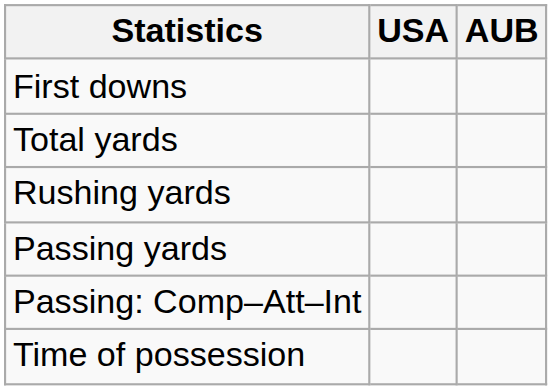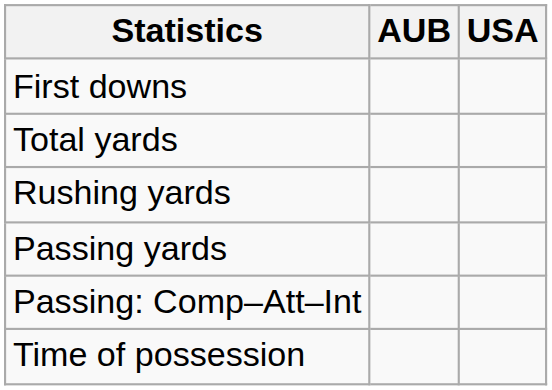 <table class="wikitable" style="float: left;">
 <tr>
 <th>Statistics</th>
+<th>AUB</th>
 <th>USA</th>
-<th>AUB</th>
 </tr>
 <tr>
 <td>First downs</td>
 <td></td>
 <td></td>
 </tr>
 <tr>
 <td>Total yards</td>
 <td></td>
 <td></td>
 </tr>
 <tr>
 <td>Rushing yards</td>
 <td></td>
 <td></td>
 </tr>
 <tr>
 <td>Passing yards</td>
 <td></td>
 <td></td>
 </tr>
 <tr>
 <td>Passing: Comp–Att–Int</td>
 <td></td>
 <td></td>
 </tr>
 <tr>
 <td>Time of possession</td>
 <td></td>
 <td></td>
 </tr>
 </table>
